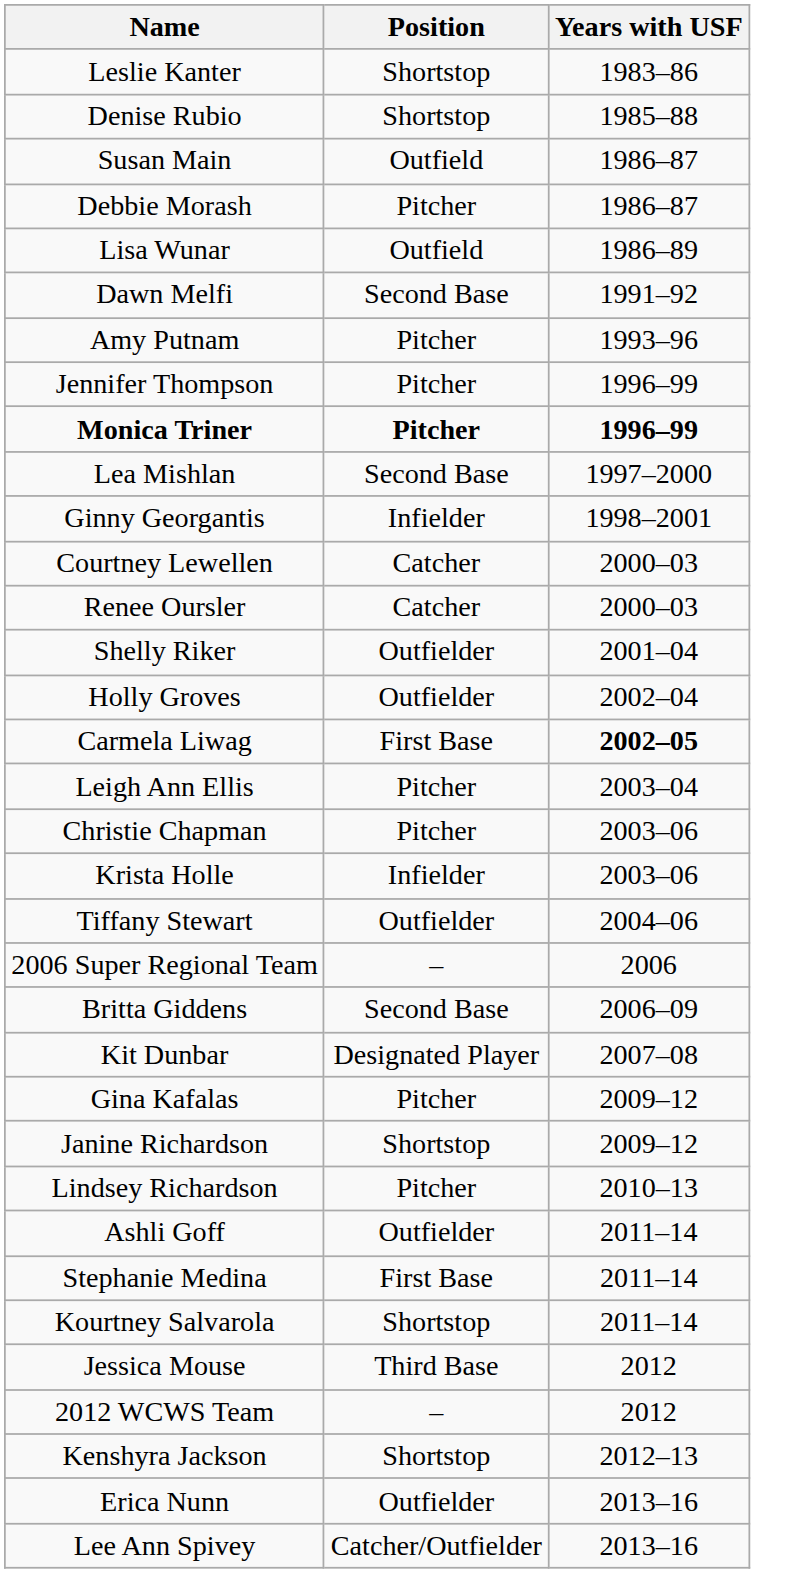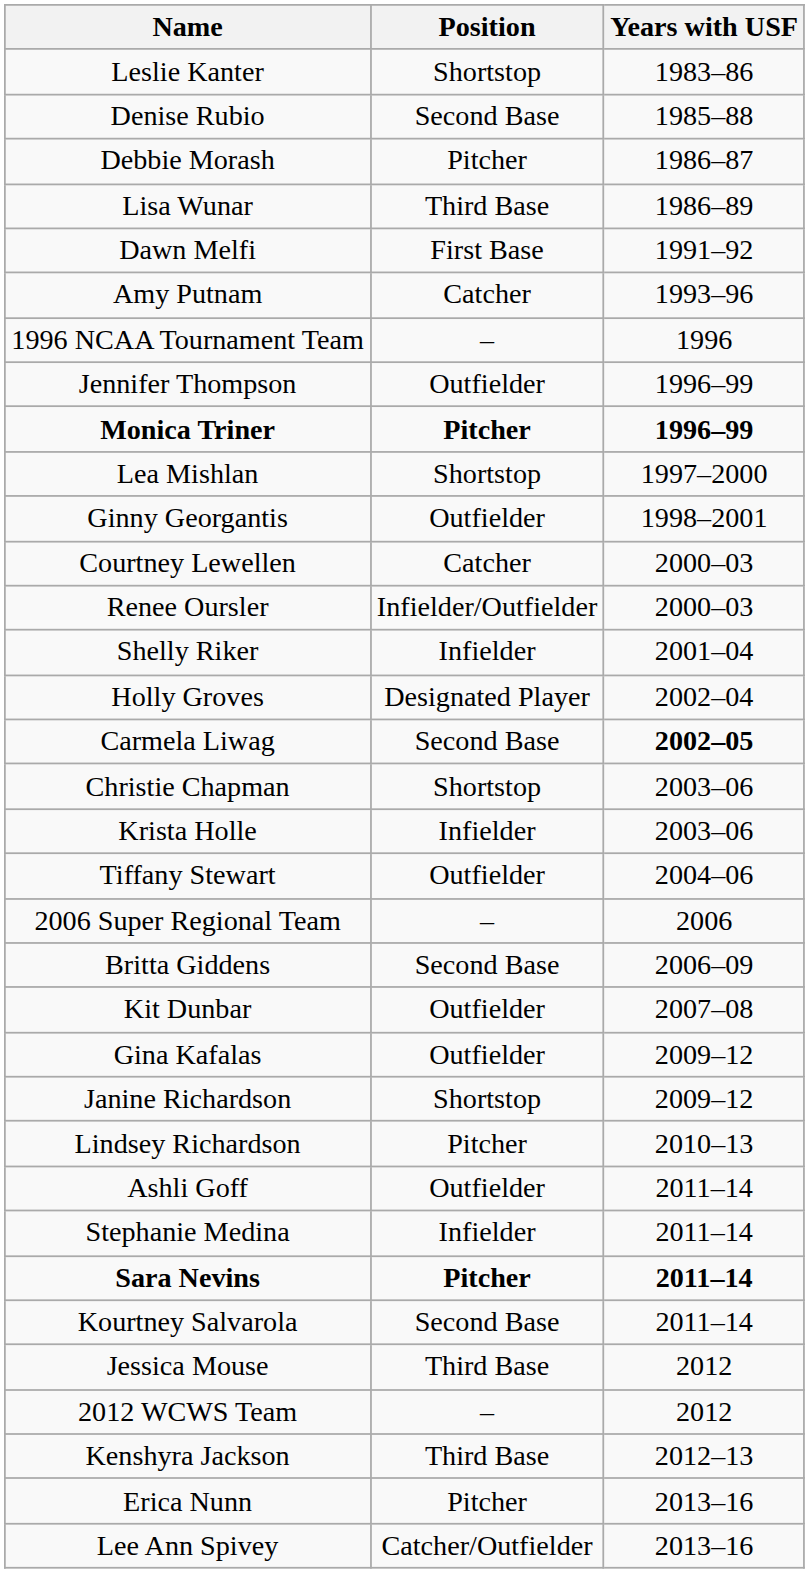 <table class="wikitable sortable" style="text-align:center;">
 <tr>
 <th style="text-align:center;">Name</th>
 <th style="text-align:center;">Position</th>
 <th style="text-align:center;">Years with USF</th>
 </tr>
 <tr>
 <td>Leslie Kanter</td>
 <td>Shortstop</td>
 <td>1983–86</td>
 </tr>
 <tr>
 <td>Denise Rubio</td>
-<td>Shortstop</td>
+<td>Second Base</td>
 <td>1985–88</td>
-</tr>
-<tr>
-<td>Susan Main</td>
-<td>Outfield</td>
-<td>1986–87</td>
 </tr>
 <tr>
 <td>Debbie Morash</td>
 <td>Pitcher</td>
 <td>1986–87</td>
 </tr>
 <tr>
 <td>Lisa Wunar</td>
-<td>Outfield</td>
+<td>Third Base</td>
 <td>1986–89</td>
 </tr>
 <tr>
 <td>Dawn Melfi</td>
-<td>Second Base</td>
+<td>First Base</td>
 <td>1991–92</td>
 </tr>
 <tr>
 <td>Amy Putnam</td>
-<td>Pitcher</td>
+<td>Catcher</td>
 <td>1993–96</td>
 </tr>
 <tr>
+<td>1996 NCAA Tournament Team</td>
+<td>–</td>
+<td>1996</td>
+</tr>
+<tr>
 <td>Jennifer Thompson</td>
-<td>Pitcher</td>
+<td>Outfielder</td>
 <td>1996–99</td>
 </tr>
 <tr>
 <td><strong>Monica Triner</strong></td>
 <td><strong>Pitcher</strong></td>
 <td><strong>1996–99</strong></td>
 </tr>
 <tr>
 <td>Lea Mishlan</td>
-<td>Second Base</td>
+<td>Shortstop</td>
 <td>1997–2000</td>
 </tr>
 <tr>
 <td>Ginny Georgantis</td>
-<td>Infielder</td>
+<td>Outfielder</td>
 <td>1998–2001</td>
 </tr>
 <tr>
 <td>Courtney Lewellen</td>
 <td>Catcher</td>
 <td>2000–03</td>
 </tr>
 <tr>
 <td>Renee Oursler</td>
-<td>Catcher</td>
+<td>Infielder/Outfielder</td>
 <td>2000–03</td>
 </tr>
 <tr>
 <td>Shelly Riker</td>
-<td>Outfielder</td>
+<td>Infielder</td>
 <td>2001–04</td>
 </tr>
 <tr>
 <td>Holly Groves</td>
-<td>Outfielder</td>
+<td>Designated Player</td>
 <td>2002–04</td>
 </tr>
 <tr>
 <td>Carmela Liwag</td>
-<td>First Base</td>
+<td>Second Base</td>
 <td><strong>2002–05</strong></td>
 </tr>
 <tr>
-<td>Leigh Ann Ellis</td>
-<td>Pitcher</td>
-<td>2003–04</td>
-</tr>
-<tr>
 <td>Christie Chapman</td>
-<td>Pitcher</td>
+<td>Shortstop</td>
 <td>2003–06</td>
 </tr>
 <tr>
 <td>Krista Holle</td>
 <td>Infielder</td>
 <td>2003–06</td>
 </tr>
 <tr>
 <td>Tiffany Stewart</td>
 <td>Outfielder</td>
 <td>2004–06</td>
 </tr>
 <tr>
 <td>2006 Super Regional Team</td>
 <td>–</td>
 <td>2006</td>
 </tr>
 <tr>
 <td>Britta Giddens</td>
 <td>Second Base</td>
 <td>2006–09</td>
 </tr>
 <tr>
 <td>Kit Dunbar</td>
-<td>Designated Player</td>
+<td>Outfielder</td>
 <td>2007–08</td>
 </tr>
 <tr>
 <td>Gina Kafalas</td>
-<td>Pitcher</td>
+<td>Outfielder</td>
 <td>2009–12</td>
 </tr>
 <tr>
 <td>Janine Richardson</td>
 <td>Shortstop</td>
 <td>2009–12</td>
 </tr>
 <tr>
 <td>Lindsey Richardson</td>
 <td>Pitcher</td>
 <td>2010–13</td>
 </tr>
 <tr>
 <td>Ashli Goff</td>
 <td>Outfielder</td>
 <td>2011–14</td>
 </tr>
 <tr>
 <td>Stephanie Medina</td>
-<td>First Base</td>
+<td>Infielder</td>
 <td>2011–14</td>
 </tr>
 <tr>
+<td><strong>Sara Nevins</strong></td>
+<td><strong>Pitcher</strong></td>
+<td><strong>2011–14</strong></td>
+</tr>
+<tr>
 <td>Kourtney Salvarola</td>
-<td>Shortstop</td>
+<td>Second Base</td>
 <td>2011–14</td>
 </tr>
 <tr>
 <td>Jessica Mouse</td>
 <td>Third Base</td>
 <td>2012</td>
 </tr>
 <tr>
 <td>2012 WCWS Team</td>
 <td>–</td>
 <td>2012</td>
 </tr>
 <tr>
 <td>Kenshyra Jackson</td>
-<td>Shortstop</td>
+<td>Third Base</td>
 <td>2012–13</td>
 </tr>
 <tr>
 <td>Erica Nunn</td>
-<td>Outfielder</td>
+<td>Pitcher</td>
 <td>2013–16</td>
 </tr>
 <tr>
 <td>Lee Ann Spivey</td>
 <td>Catcher/Outfielder</td>
 <td>2013–16</td>
 </tr>
 </table>
